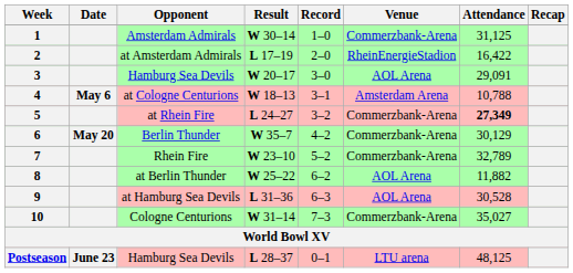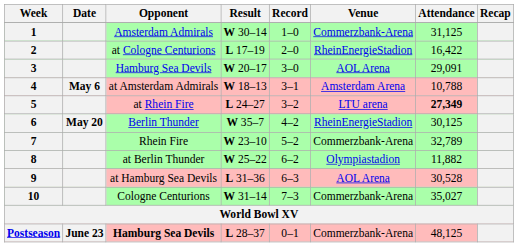 <table class="wikitable" style="text-align:center">
 <tr>
 <th>Week</th>
 <th>Date</th>
 <th>Opponent</th>
 <th>Result</th>
 <th>Record</th>
 <th>Venue</th>
 <th>Attendance</th>
 <th>Recap</th>
 </tr>
 <tr>
 </tr>
 <tr bgcolor="#afa">
 <th>1</th>
 <th></th>
 <td><a href='#'>Amsterdam Admirals</a></td>
 <td><strong>W</strong> 30–14</td>
 <td>1–0</td>
 <td><a href='#'>Commerzbank-Arena</a></td>
 <td>31,125</td>
 <th></th>
 </tr>
 <tr bgcolor="#afa">
 <th>2</th>
 <th></th>
-<td>at Amsterdam Admirals</td>
+<td>at <a href='#'>Cologne Centurions</a></td>
 <td><strong>L</strong> 17–19</td>
 <td>2–0</td>
 <td><a href='#'>RheinEnergieStadion</a></td>
 <td>16,422</td>
 <th></th>
 </tr>
 <tr bgcolor="#afa">
 <th>3</th>
 <th></th>
 <td><a href='#'>Hamburg Sea Devils</a></td>
 <td><strong>W</strong> 20–17</td>
 <td>3–0</td>
 <td><a href='#'>AOL Arena</a></td>
 <td>29,091</td>
 <th></th>
 </tr>
 <tr bgcolor="#fbb">
 <th>4</th>
 <th>May 6</th>
-<td>at <a href='#'>Cologne Centurions</a></td>
+<td>at Amsterdam Admirals</td>
 <td><strong>W</strong> 18–13</td>
 <td>3–1</td>
 <td><a href='#'>Amsterdam Arena</a></td>
 <td>10,788</td>
 <th></th>
 </tr>
 <tr bgcolor="#fbb">
 <th>5</th>
 <th></th>
 <td>at <a href='#'>Rhein Fire</a></td>
 <td><strong>L</strong> 24–27</td>
 <td>3–2</td>
-<td>Commerzbank-Arena</td>
+<td><a href='#'>LTU arena</a></td>
 <td><strong>27,349</strong></td>
 <th></th>
 </tr>
 <tr bgcolor="#afa">
 <th>6</th>
 <th>May 20</th>
 <td><a href='#'>Berlin Thunder</a></td>
 <td><strong>W</strong> 35–7</td>
 <td>4–2</td>
-<td>Commerzbank-Arena</td>
-<td>30,129</td>
+<td><a href='#'>RheinEnergieStadion</a></td>
+<td>30,125</td>
 <th></th>
 </tr>
 <tr bgcolor="#afa">
 <th>7</th>
 <th></th>
 <td>Rhein Fire</td>
 <td><strong>W</strong> 23–10</td>
 <td>5–2</td>
 <td>Commerzbank-Arena</td>
 <td>32,789</td>
 <th></th>
 </tr>
 <tr bgcolor="#afa">
 <th>8</th>
 <th></th>
 <td>at Berlin Thunder</td>
 <td><strong>W</strong> 25–22</td>
 <td>6–2</td>
-<td><a href='#'>AOL Arena</a></td>
+<td><a href='#'>Olympiastadion</a></td>
 <td>11,882</td>
 <th></th>
 </tr>
 <tr bgcolor="#fbb">
 <th>9</th>
 <th></th>
 <td>at Hamburg Sea Devils</td>
 <td><strong>L</strong> 31–36</td>
 <td>6–3</td>
 <td><a href='#'>AOL Arena</a></td>
 <td>30,528</td>
 <th></th>
 </tr>
 <tr bgcolor="#afa">
 <th>10</th>
 <th></th>
 <td>Cologne Centurions</td>
 <td><strong>W</strong> 31–14</td>
 <td>7–3</td>
 <td>Commerzbank-Arena</td>
 <td>35,027</td>
 <th></th>
 </tr>
 <tr>
 <th colspan="8">World Bowl XV</th>
 </tr>
 <tr bgcolor="#fbb">
 <th><a href='#'>Postseason</a></th>
 <th>June 23</th>
-<td>Hamburg Sea Devils</td>
+<td><strong>Hamburg Sea Devils</strong></td>
 <td><strong>L</strong> 28–37</td>
 <td>0–1</td>
-<td><a href='#'>LTU arena</a></td>
+<td>Commerzbank-Arena</td>
 <td>48,125</td>
 <th></th>
 </tr>
 </table>
